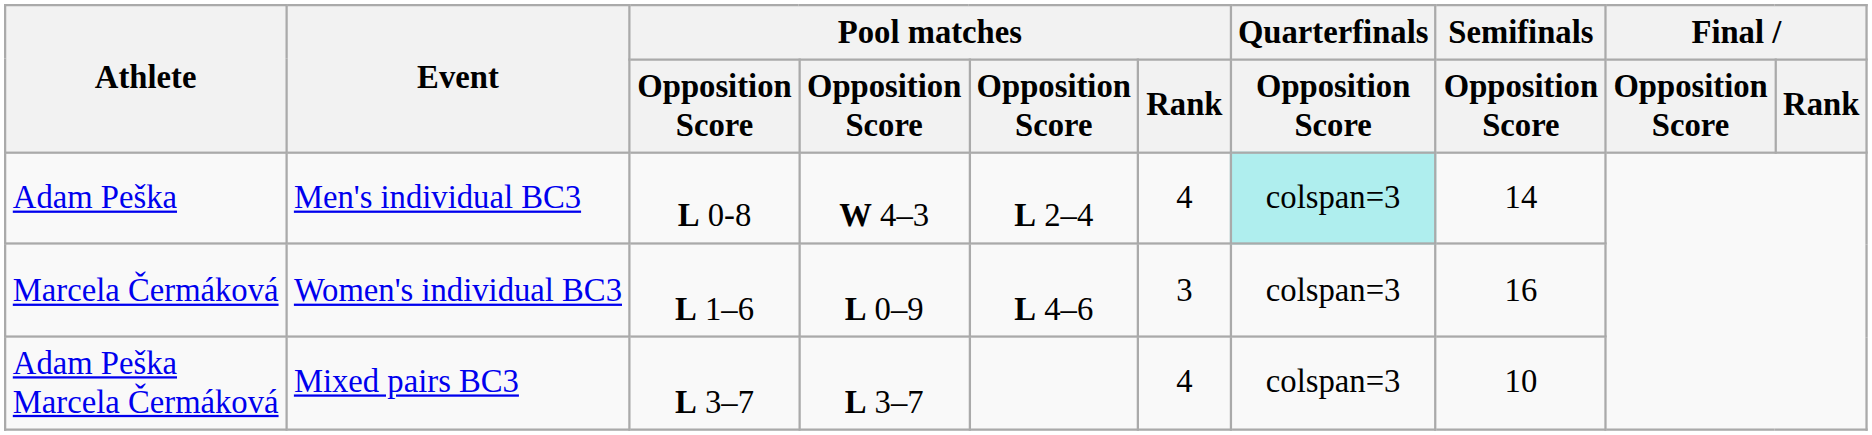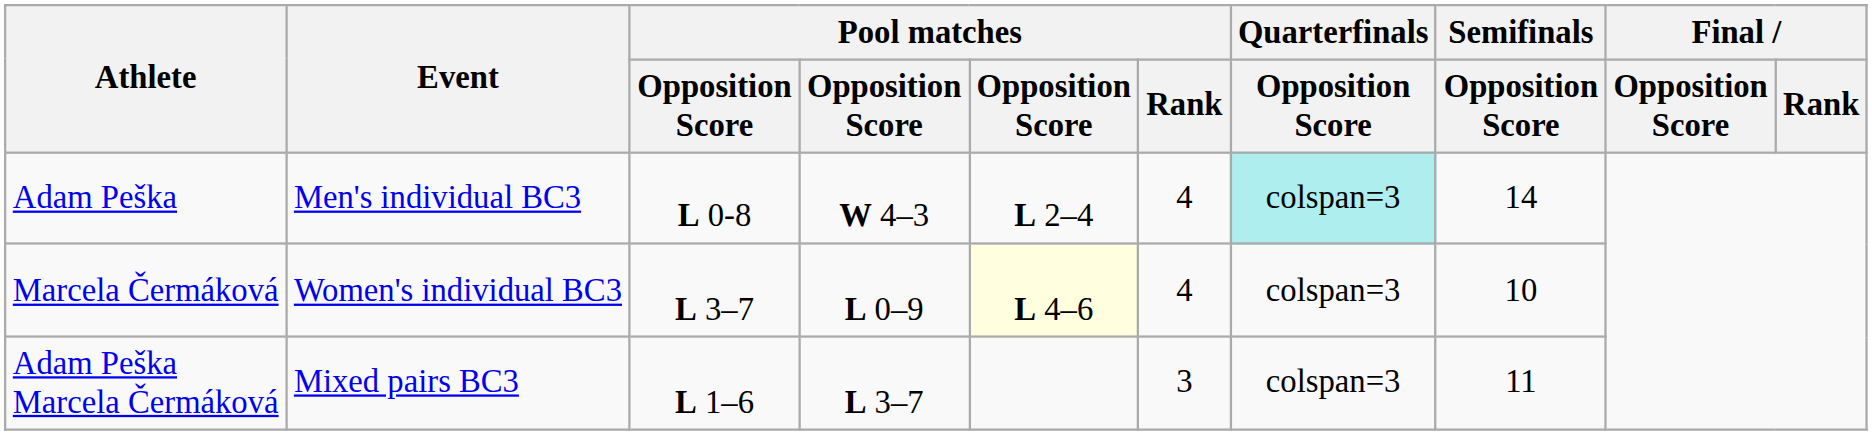 <table class=wikitable style="font-size:90%">
 <tr>
 <th rowspan="2">Athlete</th>
 <th rowspan="2">Event</th>
 <th colspan="4">Pool matches</th>
 <th>Quarterfinals</th>
 <th>Semifinals</th>
 <th colspan=2>Final / </th>
 </tr>
 <tr>
 <th>Opposition<br>Score</th>
 <th>Opposition<br>Score</th>
 <th>Opposition<br>Score</th>
 <th>Rank</th>
 <th>Opposition<br>Score</th>
 <th>Opposition<br>Score</th>
 <th>Opposition<br>Score</th>
 <th>Rank</th>
 </tr>
 <tr align=center>
 <td align=left><a href='#'>Adam Peška</a></td>
 <td align=left><a href='#'>Men's individual BC3</a></td>
 <td><br><strong>L</strong> 0-8</td>
 <td><br><strong>W</strong> 4–3</td>
 <td><br><strong>L</strong> 2–4</td>
 <td>4</td>
 <td style="background: paleturquoise;">colspan=3 </td>
 <td>14</td>
 </tr>
 <tr align=center>
 <td align=left><a href='#'>Marcela Čermáková</a></td>
 <td align=left><a href='#'>Women's individual BC3</a></td>
-<td><br><strong>L</strong> 1–6</td>
+<td><br><strong>L</strong> 3–7</td>
 <td><br><strong>L</strong> 0–9</td>
-<td><br><strong>L</strong> 4–6</td>
-<td>3</td>
+<td style="background: lightyellow;"><br><strong>L</strong> 4–6</td>
+<td>4</td>
 <td>colspan=3 </td>
-<td>16</td>
+<td>10</td>
 </tr>
 <tr align=center>
 <td align=left><a href='#'>Adam Peška</a><br><a href='#'>Marcela Čermáková</a></td>
 <td align=left><a href='#'>Mixed pairs BC3</a></td>
-<td><br><strong>L</strong> 3–7</td>
+<td><br><strong>L</strong> 1–6</td>
 <td><br><strong>L</strong> 3–7</td>
 <td></td>
-<td>4</td>
+<td>3</td>
 <td>colspan=3 </td>
-<td>10</td>
+<td>11</td>
 </tr>
 </table>
